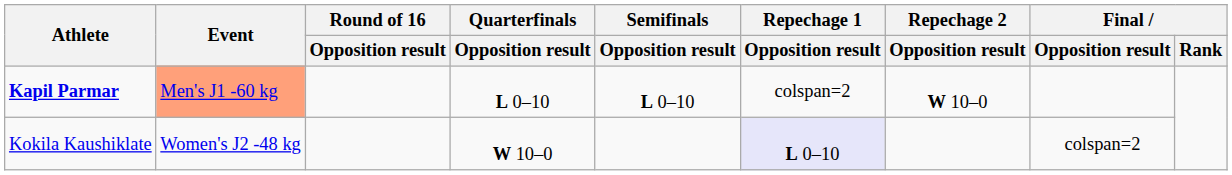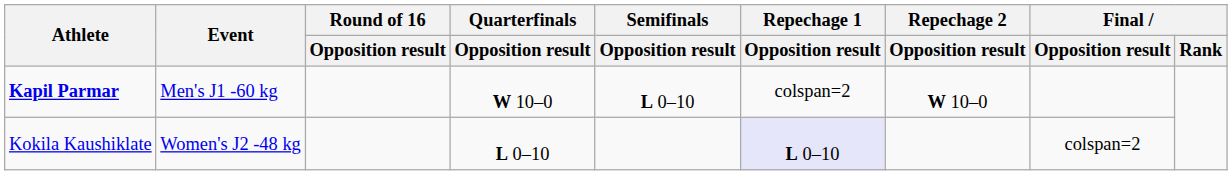 <table class="wikitable" style="font-size:90%; text-align:center">
 <tr>
 <th rowspan="2">Athlete</th>
 <th rowspan="2">Event</th>
 <th>Round of 16</th>
 <th>Quarterfinals</th>
 <th>Semifinals</th>
 <th>Repechage 1</th>
 <th>Repechage 2</th>
 <th colspan="2">Final / </th>
 </tr>
 <tr>
 <th>Opposition result</th>
 <th>Opposition result</th>
 <th>Opposition result</th>
 <th>Opposition result</th>
 <th>Opposition result</th>
 <th>Opposition result</th>
 <th>Rank</th>
 </tr>
 <tr align="center">
 <td align="left"><strong><a href='#'>Kapil Parmar</a></strong></td>
-<td align="left" style="background: lightsalmon;"><a href='#'>Men's J1 -60 kg</a></td>
+<td align="left"><a href='#'>Men's J1 -60 kg</a></td>
 <td></td>
-<td> <br> <strong>L</strong> 0–10</td>
+<td> <br> <strong>W</strong> 10–0</td>
 <td> <br> <strong>L</strong> 0–10</td>
 <td>colspan=2</td>
 <td> <br> <strong>W</strong> 10–0</td>
 <td></td>
 </tr>
 <tr align="center">
 <td align="left"><a href='#'>Kokila Kaushiklate</a></td>
 <td align="left"><a href='#'>Women's J2 -48 kg</a></td>
 <td></td>
-<td> <br> <strong>W</strong> 10–0</td>
+<td> <br> <strong>L</strong> 0–10</td>
 <td></td>
 <td style="background: lavender;"> <br> <strong>L</strong> 0–10</td>
 <td></td>
 <td>colspan=2 </td>
 </tr>
 </table>
